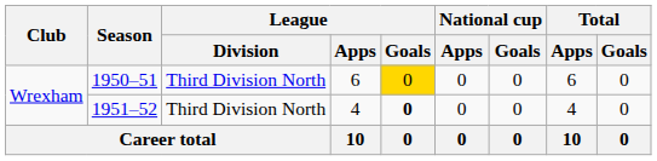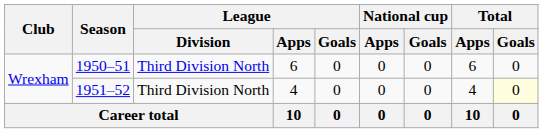 <table class="wikitable" style="text-align:center">
 <tr>
 <th rowspan="2">Club</th>
 <th rowspan="2">Season</th>
 <th colspan="3">League</th>
 <th colspan="2">National cup</th>
 <th colspan="2">Total</th>
 </tr>
 <tr>
 <th>Division</th>
 <th>Apps</th>
 <th>Goals</th>
 <th>Apps</th>
 <th>Goals</th>
 <th>Apps</th>
 <th>Goals</th>
 </tr>
 <tr>
 <td rowspan="2"><a href='#'>Wrexham</a></td>
 <td><a href='#'>1950–51</a></td>
 <td><a href='#'>Third Division North</a></td>
 <td>6</td>
-<td style="background: gold;">0</td>
+<td>0</td>
 <td>0</td>
 <td>0</td>
 <td>6</td>
 <td>0</td>
 </tr>
 <tr>
 <td><a href='#'>1951–52</a></td>
 <td>Third Division North</td>
 <td>4</td>
-<td><strong>0</strong></td>
+<td>0</td>
 <td>0</td>
 <td>0</td>
 <td>4</td>
-<td>0</td>
+<td style="background: lightyellow;">0</td>
 </tr>
 <tr>
 <th colspan="3">Career total</th>
 <th>10</th>
 <th>0</th>
 <th>0</th>
 <th>0</th>
 <th>10</th>
 <th>0</th>
 </tr>
 </table>
